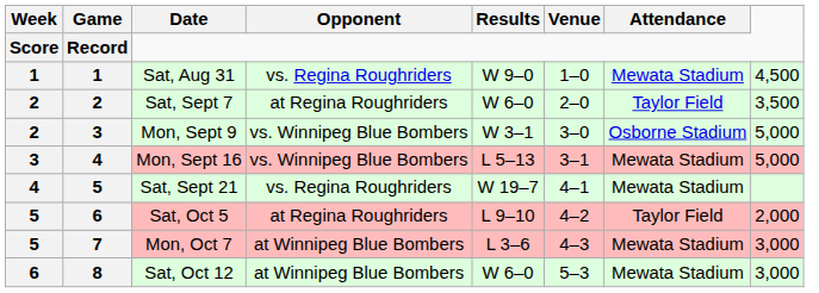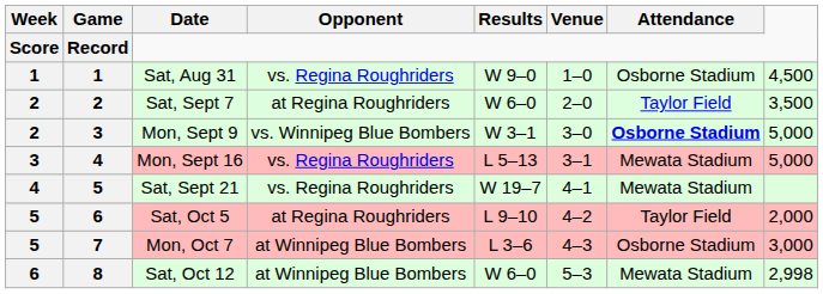 <table class="wikitable" style="text-align:center">
 <tr>
 <th>Week</th>
 <th>Game</th>
 <th>Date</th>
 <th>Opponent</th>
 <th>Results</th>
 <th>Venue</th>
 <th>Attendance</th>
 </tr>
 <tr>
 <th>Score</th>
 <th>Record</th>
 </tr>
 <tr style="background:#ddffdd">
 <th>1</th>
 <th>1</th>
 <td>Sat, Aug 31</td>
 <td>vs. <a href='#'>Regina Roughriders</a></td>
 <td>W 9–0</td>
 <td>1–0</td>
-<td><a href='#'>Mewata Stadium</a></td>
+<td>Osborne Stadium</td>
 <td>4,500</td>
 </tr>
 <tr style="background:#ddffdd">
 <th>2</th>
 <th>2</th>
 <td>Sat, Sept 7</td>
 <td>at Regina Roughriders</td>
 <td>W 6–0</td>
 <td>2–0</td>
 <td><a href='#'>Taylor Field</a></td>
 <td>3,500</td>
 </tr>
 <tr style="background:#ddffdd">
 <th>2</th>
 <th>3</th>
 <td>Mon, Sept 9</td>
 <td>vs. Winnipeg Blue Bombers</td>
 <td>W 3–1</td>
 <td>3–0</td>
-<td><a href='#'>Osborne Stadium</a></td>
+<td><strong><a href='#'>Osborne Stadium</a></strong></td>
 <td>5,000</td>
 </tr>
 <tr style="background:#ffbbbb">
 <th>3</th>
 <th>4</th>
 <td>Mon, Sept 16</td>
-<td>vs. Winnipeg Blue Bombers</td>
+<td>vs. <a href='#'>Regina Roughriders</a></td>
 <td>L 5–13</td>
 <td>3–1</td>
 <td>Mewata Stadium</td>
 <td>5,000</td>
 </tr>
 <tr style="background:#ddffdd">
 <th>4</th>
 <th>5</th>
 <td>Sat, Sept 21</td>
 <td>vs. Regina Roughriders</td>
 <td>W 19–7</td>
 <td>4–1</td>
 <td>Mewata Stadium</td>
 <td></td>
 </tr>
 <tr style="background:#ffbbbb">
 <th>5</th>
 <th>6</th>
 <td>Sat, Oct 5</td>
 <td>at Regina Roughriders</td>
 <td>L 9–10</td>
 <td>4–2</td>
 <td>Taylor Field</td>
 <td>2,000</td>
 </tr>
 <tr style="background:#ffbbbb">
 <th>5</th>
 <th>7</th>
 <td>Mon, Oct 7</td>
 <td>at Winnipeg Blue Bombers</td>
 <td>L 3–6</td>
 <td>4–3</td>
-<td>Mewata Stadium</td>
+<td>Osborne Stadium</td>
 <td>3,000</td>
 </tr>
 <tr style="background:#ddffdd">
 <th>6</th>
 <th>8</th>
 <td>Sat, Oct 12</td>
 <td>at Winnipeg Blue Bombers</td>
 <td>W 6–0</td>
 <td>5–3</td>
 <td>Mewata Stadium</td>
-<td>3,000</td>
+<td>2,998</td>
 </tr>
 </table>
